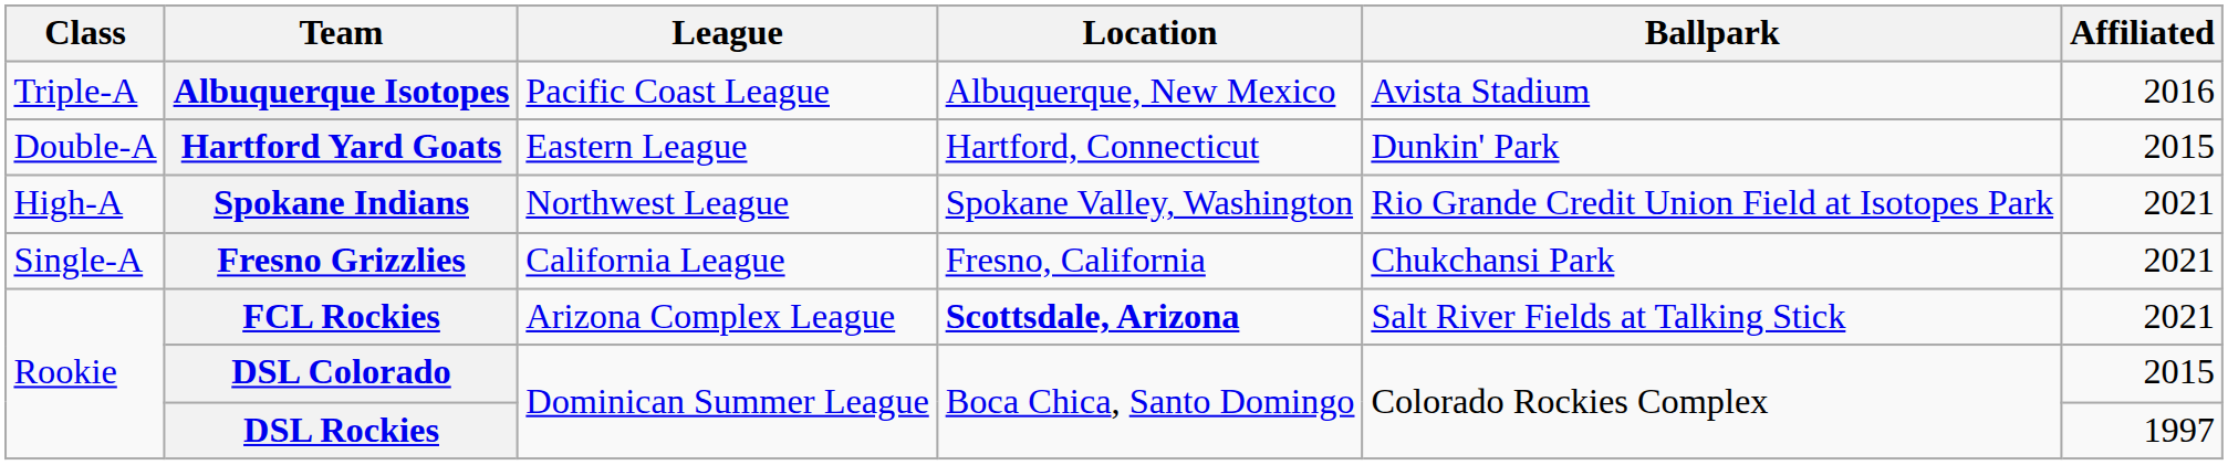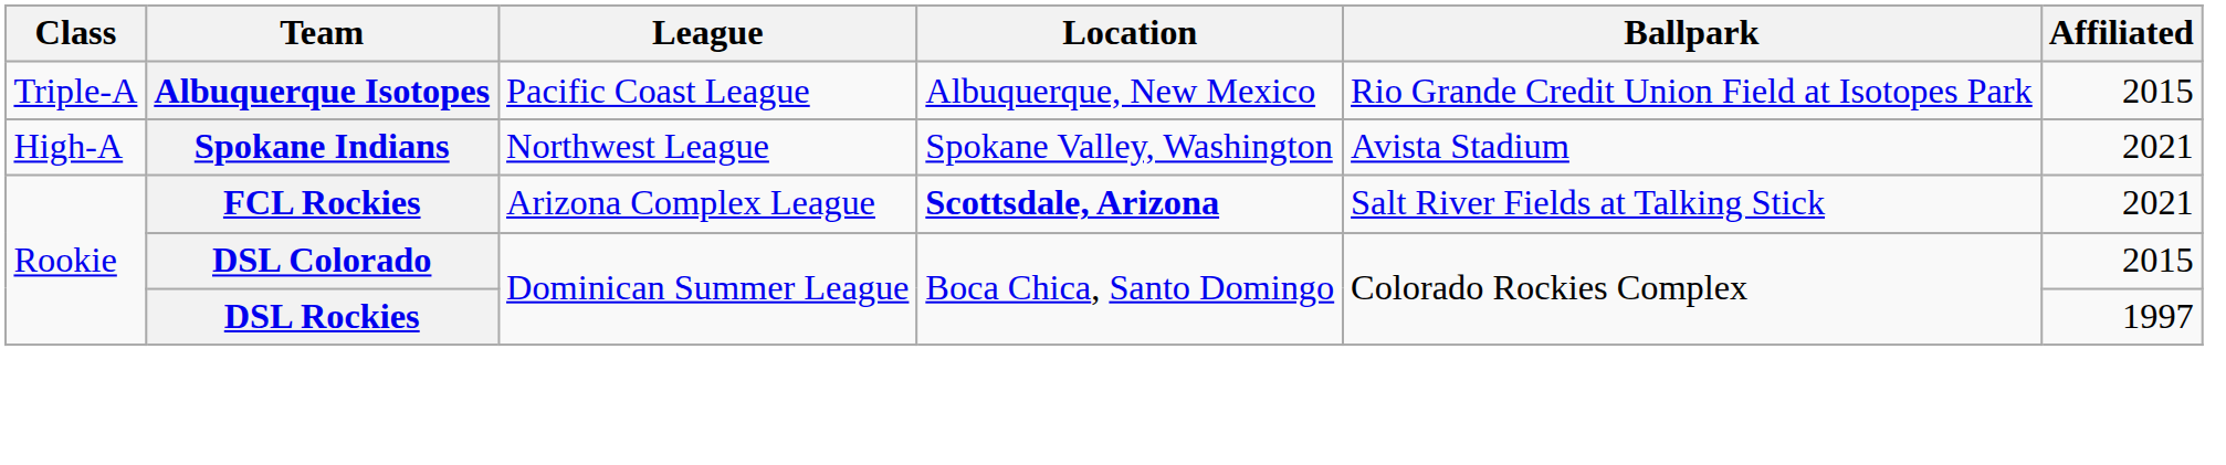 <table class="wikitable plainrowheaders sortable">
 <tr>
 <th scope="col">Class</th>
 <th scope="col">Team</th>
 <th scope="col">League</th>
 <th scope="col">Location</th>
 <th scope="col">Ballpark</th>
 <th scope="col">Affiliated</th>
 </tr>
 <tr>
 <td><a href='#'>Triple-A</a></td>
 <th scope="row"><a href='#'>Albuquerque Isotopes</a></th>
 <td><a href='#'>Pacific Coast League</a></td>
 <td><a href='#'>Albuquerque, New Mexico</a></td>
-<td><a href='#'>Avista Stadium</a></td>
-<td align="right">2016</td>
-</tr>
-<tr>
-<td><a href='#'>Double-A</a></td>
-<th scope="row"><a href='#'>Hartford Yard Goats</a></th>
-<td><a href='#'>Eastern League</a></td>
-<td><a href='#'>Hartford, Connecticut</a></td>
-<td><a href='#'>Dunkin' Park</a></td>
+<td><a href='#'>Rio Grande Credit Union Field at Isotopes Park</a></td>
 <td align="right">2015</td>
 </tr>
 <tr>
 <td><a href='#'>High-A</a></td>
 <th scope="row"><a href='#'>Spokane Indians</a></th>
 <td><a href='#'>Northwest League</a></td>
 <td><a href='#'>Spokane Valley, Washington</a></td>
-<td><a href='#'>Rio Grande Credit Union Field at Isotopes Park</a></td>
-<td align="right">2021</td>
-</tr>
-<tr>
-<td><a href='#'>Single-A</a></td>
-<th scope="row"><a href='#'>Fresno Grizzlies</a></th>
-<td><a href='#'>California League</a></td>
-<td><a href='#'>Fresno, California</a></td>
-<td><a href='#'>Chukchansi Park</a></td>
+<td><a href='#'>Avista Stadium</a></td>
 <td align="right">2021</td>
 </tr>
 <tr>
 <td rowspan=3><a href='#'>Rookie</a></td>
 <th scope="row"><a href='#'>FCL Rockies</a></th>
 <td><a href='#'>Arizona Complex League</a></td>
 <td><strong><a href='#'>Scottsdale, Arizona</a></strong></td>
 <td><a href='#'>Salt River Fields at Talking Stick</a></td>
 <td align="right">2021</td>
 </tr>
 <tr>
 <th scope="row"><a href='#'>DSL Colorado</a></th>
 <td rowspan=2><a href='#'>Dominican Summer League</a></td>
 <td rowspan=2><a href='#'>Boca Chica</a>, <a href='#'>Santo Domingo</a></td>
 <td rowspan=2>Colorado Rockies Complex</td>
 <td align="right">2015</td>
 </tr>
 <tr>
 <th scope="row"><a href='#'>DSL Rockies</a></th>
 <td align="right">1997</td>
 </tr>
 </table>
